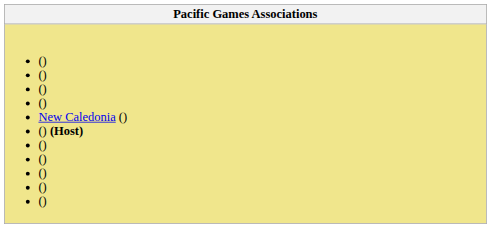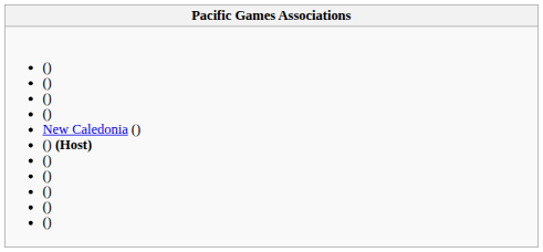 <table class="wikitable collapsible" style="min-width:70%; max-width:58em;">
 <tr>
 <th>Pacific Games Associations</th>
 </tr>
 <tr>
-<td style="background: khaki;"><br><ul><li> ()</li><li> ()</li><li> ()</li><li> ()</li><li>  <a href='#'>New Caledonia</a> ()</li><li> () <strong>(Host)</strong></li><li> ()</li><li> ()</li><li> ()</li><li> ()</li><li> ()</li></ul></td>
+<td><br><ul><li> ()</li><li> ()</li><li> ()</li><li> ()</li><li>  <a href='#'>New Caledonia</a> ()</li><li> () <strong>(Host)</strong></li><li> ()</li><li> ()</li><li> ()</li><li> ()</li><li> ()</li></ul></td>
 </tr>
 </table>
